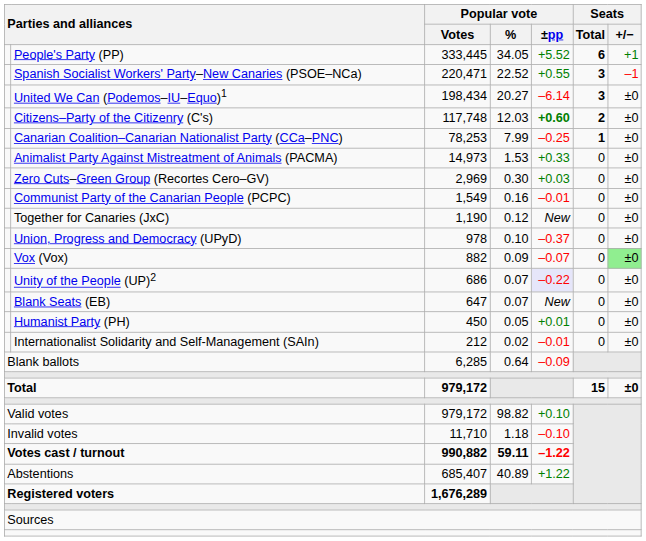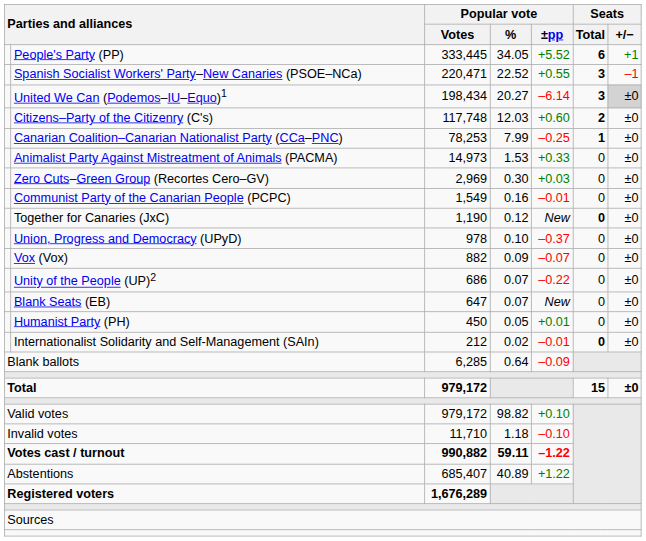 <table class="wikitable" style="text-align:right;">
 <tr>
 <th style="text-align:left;" rowspan="2" colspan="2" width="525">Parties and alliances</th>
 <th colspan="3">Popular vote</th>
 <th colspan="2">Seats</th>
 </tr>
 <tr>
 <th width="75">Votes</th>
 <th width="45">%</th>
 <th width="45">±<a href='#'>pp</a></th>
 <th width="35">Total</th>
 <th width="35">+/−</th>
 </tr>
 <tr>
 <td width="1" style="color:inherit;background:"></td>
 <td align="left"><a href='#'>People's Party</a> (PP)</td>
 <td>333,445</td>
 <td>34.05</td>
 <td style="color:green;">+5.52</td>
 <td><strong>6</strong></td>
 <td style="color:green;">+1</td>
 </tr>
 <tr>
 <td style="color:inherit;background:"></td>
 <td align="left"><a href='#'>Spanish Socialist Workers' Party</a>–<a href='#'>New Canaries</a> (PSOE–NCa)</td>
 <td>220,471</td>
 <td>22.52</td>
 <td style="color:green;">+0.55</td>
 <td><strong>3</strong></td>
 <td style="color:red;">–1</td>
 </tr>
 <tr>
 <td width="1" style="color:inherit;background:"></td>
 <td align="left"><a href='#'>United We Can</a> (<a href='#'>Podemos</a>–<a href='#'>IU</a>–<a href='#'>Equo</a>)<sup>1</sup></td>
 <td>198,434</td>
 <td>20.27</td>
 <td style="color:red;">–6.14</td>
 <td><strong>3</strong></td>
-<td>±0</td>
+<td style="background: lightgrey;">±0</td>
 </tr>
 <tr>
 <td style="color:inherit;background:"></td>
 <td align="left"><a href='#'>Citizens–Party of the Citizenry</a> (C's)</td>
 <td>117,748</td>
 <td>12.03</td>
-<td style="color:green;"><strong>+0.60</strong></td>
+<td style="color:green;">+0.60</td>
 <td><strong>2</strong></td>
 <td>±0</td>
 </tr>
 <tr>
 <td style="color:inherit;background:"></td>
 <td align="left"><a href='#'>Canarian Coalition–Canarian Nationalist Party</a> (<a href='#'>CCa</a>–<a href='#'>PNC</a>)</td>
 <td>78,253</td>
 <td>7.99</td>
 <td style="color:red;">–0.25</td>
 <td><strong>1</strong></td>
 <td>±0</td>
 </tr>
 <tr>
 <td style="color:inherit;background:"></td>
 <td align="left"><a href='#'>Animalist Party Against Mistreatment of Animals</a> (PACMA)</td>
 <td>14,973</td>
 <td>1.53</td>
 <td style="color:green;">+0.33</td>
 <td>0</td>
 <td>±0</td>
 </tr>
 <tr>
 <td style="color:inherit;background:"></td>
 <td align="left"><a href='#'>Zero Cuts</a>–<a href='#'>Green Group</a> (Recortes Cero–GV)</td>
 <td>2,969</td>
 <td>0.30</td>
 <td style="color:green;">+0.03</td>
 <td>0</td>
 <td>±0</td>
 </tr>
 <tr>
 <td style="color:inherit;background:"></td>
 <td align="left"><a href='#'>Communist Party of the Canarian People</a> (PCPC)</td>
 <td>1,549</td>
 <td>0.16</td>
 <td style="color:red;">–0.01</td>
 <td>0</td>
 <td>±0</td>
 </tr>
 <tr>
 <td style="color:inherit;background:"></td>
 <td align="left">Together for Canaries (JxC)</td>
 <td>1,190</td>
 <td>0.12</td>
 <td><em>New</em></td>
-<td>0</td>
+<td><strong>0</strong></td>
 <td>±0</td>
 </tr>
 <tr>
 <td style="color:inherit;background:"></td>
 <td align="left"><a href='#'>Union, Progress and Democracy</a> (UPyD)</td>
 <td>978</td>
 <td>0.10</td>
 <td style="color:red;">–0.37</td>
 <td>0</td>
 <td>±0</td>
 </tr>
 <tr>
 <td style="color:inherit;background:"></td>
 <td align="left"><a href='#'>Vox</a> (Vox)</td>
 <td>882</td>
 <td>0.09</td>
 <td style="color:red;">–0.07</td>
 <td>0</td>
-<td style="background: lightgreen;">±0</td>
+<td>±0</td>
 </tr>
 <tr>
 <td style="color:inherit;background:"></td>
 <td align="left"><a href='#'>Unity of the People</a> (UP)<sup>2</sup></td>
 <td>686</td>
 <td>0.07</td>
-<td style="background: lavender; color:red;">–0.22</td>
+<td style="color:red;">–0.22</td>
 <td>0</td>
 <td>±0</td>
 </tr>
 <tr>
 <td style="color:inherit;background:"></td>
 <td align="left"><a href='#'>Blank Seats</a> (EB)</td>
 <td>647</td>
 <td>0.07</td>
 <td><em>New</em></td>
 <td>0</td>
 <td>±0</td>
 </tr>
 <tr>
 <td style="color:inherit;background:"></td>
 <td align="left"><a href='#'>Humanist Party</a> (PH)</td>
 <td>450</td>
 <td>0.05</td>
 <td style="color:green;">+0.01</td>
 <td>0</td>
 <td>±0</td>
 </tr>
 <tr>
 <td style="color:inherit;background:"></td>
 <td align="left">Internationalist Solidarity and Self-Management (SAIn)</td>
 <td>212</td>
 <td>0.02</td>
 <td style="color:red;">–0.01</td>
-<td>0</td>
+<td><strong>0</strong></td>
 <td>±0</td>
 </tr>
 <tr>
 <td align="left" colspan="2">Blank ballots</td>
 <td>6,285</td>
 <td>0.64</td>
 <td style="color:red;">–0.09</td>
 <td bgcolor="#E9E9E9" colspan="2"></td>
 </tr>
 <tr>
 <td colspan="7" bgcolor="#E9E9E9"></td>
 </tr>
 <tr style="font-weight:bold;">
 <td align="left" colspan="2">Total</td>
 <td>979,172</td>
 <td bgcolor="#E9E9E9" colspan="2"></td>
 <td>15</td>
 <td>±0</td>
 </tr>
 <tr>
 <td colspan="7" bgcolor="#E9E9E9"></td>
 </tr>
 <tr>
 <td align="left" colspan="2">Valid votes</td>
 <td>979,172</td>
 <td>98.82</td>
 <td style="color:green;">+0.10</td>
 <td bgcolor="#E9E9E9" colspan="2" rowspan="5"></td>
 </tr>
 <tr>
 <td align="left" colspan="2">Invalid votes</td>
 <td>11,710</td>
 <td>1.18</td>
 <td style="color:red;">–0.10</td>
 </tr>
 <tr style="font-weight:bold;">
 <td align="left" colspan="2">Votes cast / turnout</td>
 <td>990,882</td>
 <td>59.11</td>
 <td style="color:red;">–1.22</td>
 </tr>
 <tr>
 <td align="left" colspan="2">Abstentions</td>
 <td>685,407</td>
 <td>40.89</td>
 <td style="color:green;">+1.22</td>
 </tr>
 <tr style="font-weight:bold;">
 <td align="left" colspan="2">Registered voters</td>
 <td>1,676,289</td>
 <td bgcolor="#E9E9E9" colspan="2"></td>
 </tr>
 <tr>
 <td colspan="7" bgcolor="#E9E9E9"></td>
 </tr>
 <tr>
 <td align="left" colspan="7">Sources</td>
 </tr>
 <tr>
 <td colspan="7" style="text-align:left; max-width:790px;"></td>
 </tr>
 </table>
